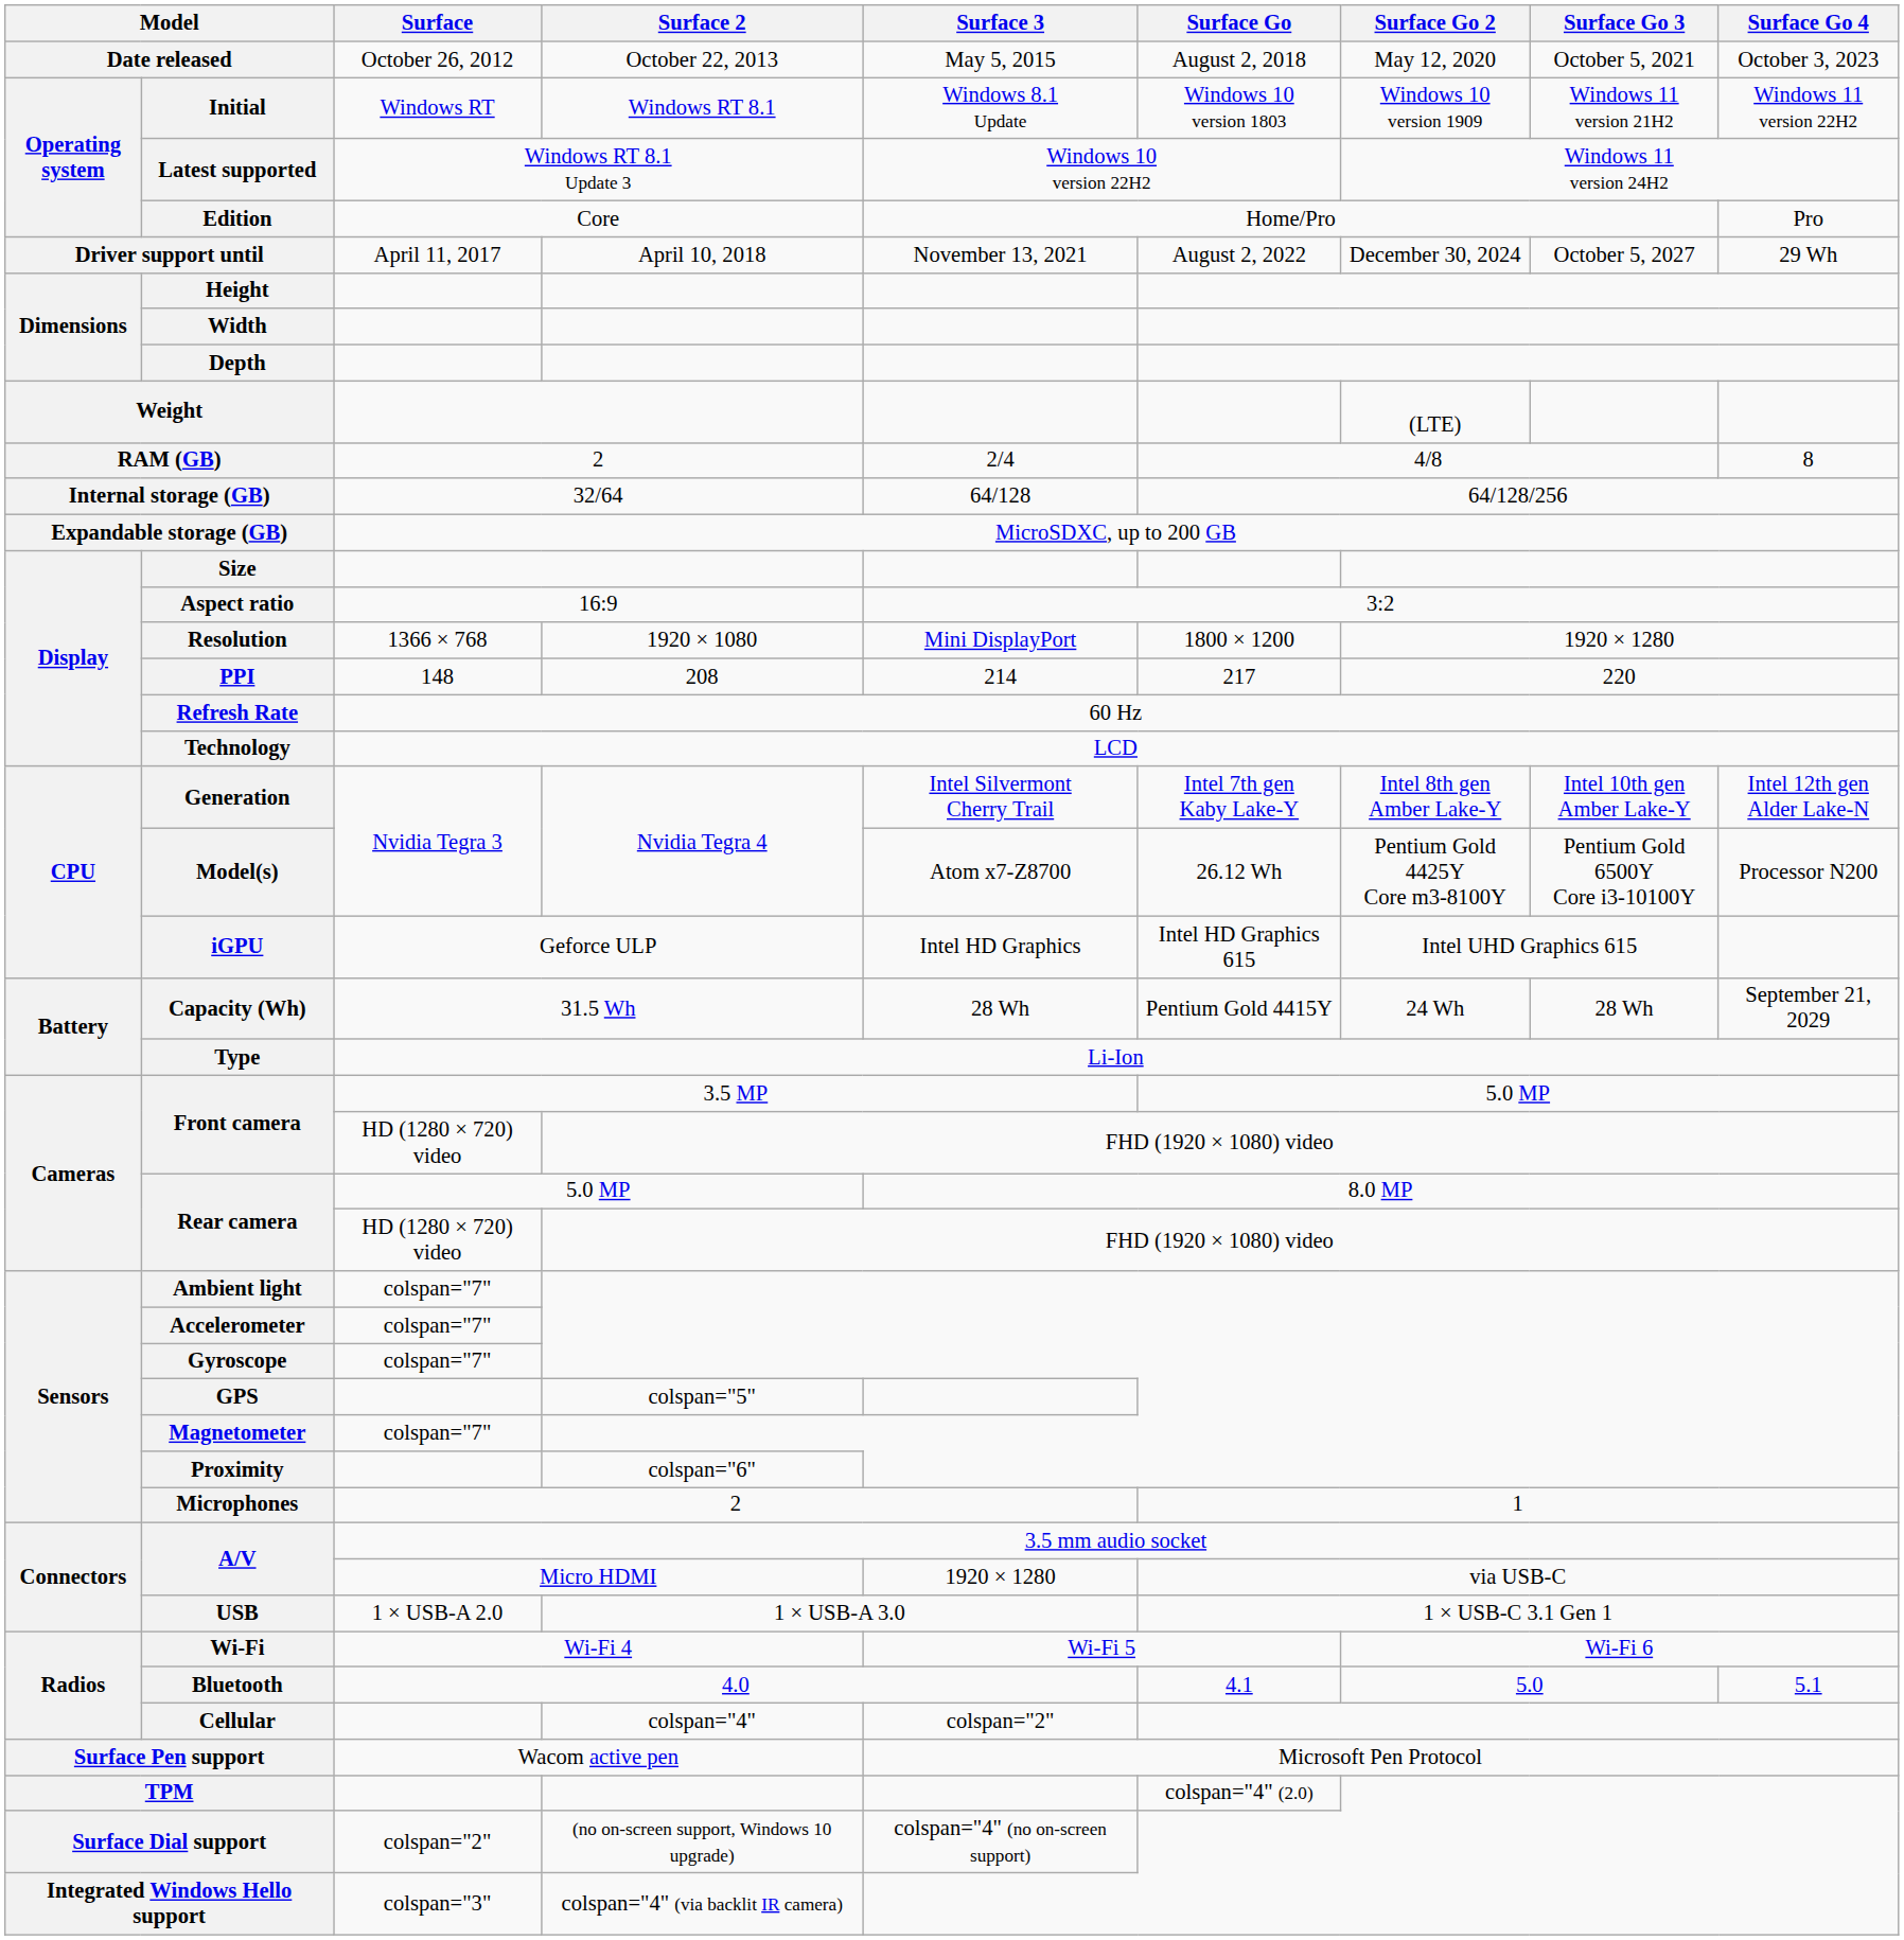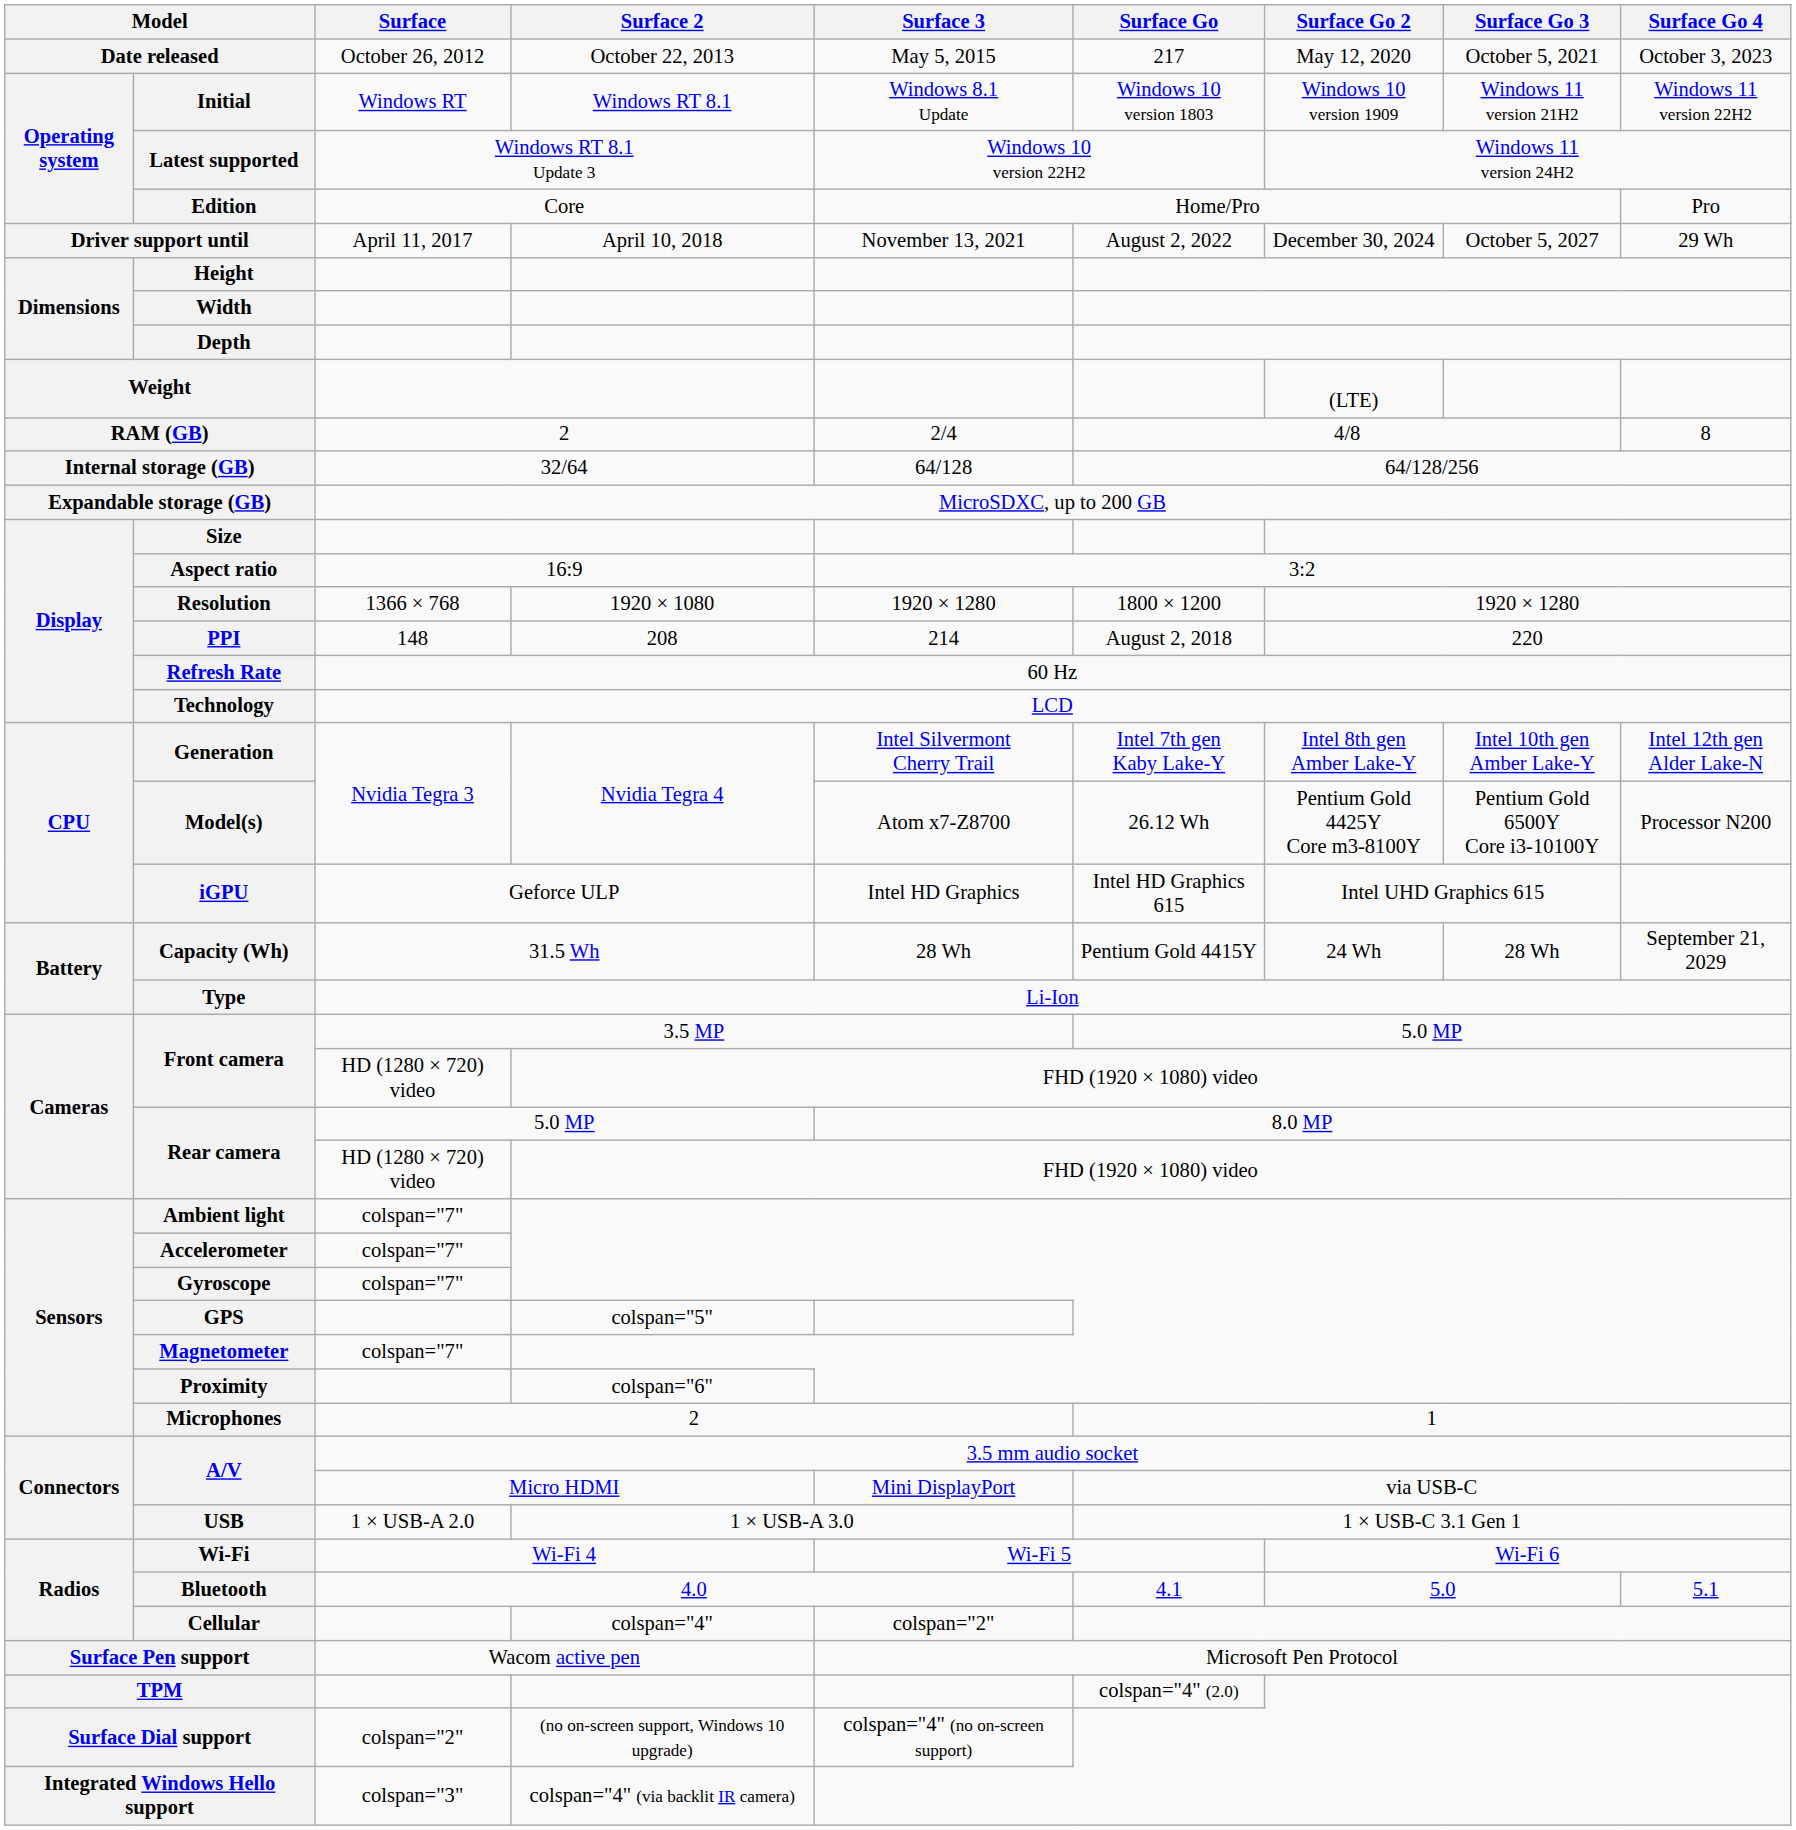 <table class="wikitable mw-collapsible" style="text-align:center; font-size:90%; min-width:20em;">
 <tr>
 <th colspan="2">Model</th>
 <th><a href='#'>Surface</a></th>
 <th><a href='#'>Surface 2</a></th>
 <th><a href='#'>Surface 3</a></th>
 <th><a href='#'>Surface Go</a></th>
 <th><a href='#'>Surface Go 2</a></th>
 <th><a href='#'>Surface Go 3</a></th>
 <th><a href='#'>Surface Go 4</a></th>
 </tr>
 <tr>
 <th colspan="2">Date released</th>
 <td>October 26, 2012</td>
 <td>October 22, 2013</td>
 <td>May 5, 2015</td>
-<td>August 2, 2018</td>
+<td>217</td>
 <td>May 12, 2020</td>
 <td>October 5, 2021</td>
 <td>October 3, 2023</td>
 </tr>
 <tr>
 <th rowspan="3"><a href='#'>Operating<br> system</a></th>
 <th>Initial</th>
 <td><a href='#'>Windows RT</a></td>
 <td><a href='#'>Windows RT 8.1</a></td>
 <td><a href='#'>Windows 8.1</a><br> <small>Update</small></td>
 <td><a href='#'>Windows 10</a><br> <small>version 1803</small></td>
 <td><a href='#'>Windows 10</a><br> <small>version 1909</small></td>
 <td><a href='#'>Windows 11</a><br> <small>version 21H2</small></td>
 <td><a href='#'>Windows 11</a><br> <small>version 22H2</small></td>
 </tr>
 <tr>
 <th>Latest supported</th>
 <td colspan="2"><a href='#'>Windows RT 8.1</a><br> <small>Update 3</small></td>
 <td colspan="2"><a href='#'>Windows 10</a><br> <small>version 22H2</small></td>
 <td colspan="3"><a href='#'>Windows 11</a><br> <small>version 24H2</small></td>
 </tr>
 <tr>
 <th>Edition</th>
 <td colspan="2">Core</td>
 <td colspan="4">Home/Pro</td>
 <td>Pro</td>
 </tr>
 <tr>
 <th colspan="2">Driver support until</th>
 <td>April 11, 2017</td>
 <td>April 10, 2018</td>
 <td>November 13, 2021</td>
 <td>August 2, 2022</td>
 <td>December 30, 2024</td>
 <td>October 5, 2027</td>
 <td>29 Wh</td>
 </tr>
 <tr>
 <th rowspan="3">Dimensions<br> </th>
 <th>Height</th>
 <td></td>
 <td></td>
 <td></td>
 <td colspan="4"></td>
 </tr>
 <tr>
 <th>Width</th>
 <td></td>
 <td></td>
 <td></td>
 <td colspan="4"></td>
 </tr>
 <tr>
 <th>Depth</th>
 <td></td>
 <td></td>
 <td></td>
 <td colspan="4"></td>
 </tr>
 <tr>
 <th colspan="2">Weight<br></th>
 <td colspan="2"></td>
 <td></td>
 <td></td>
 <td><br> (LTE)</td>
 <td></td>
 <td></td>
 </tr>
 <tr>
 <th colspan="2">RAM (<a href='#'>GB</a>)</th>
 <td colspan="2">2</td>
 <td>2/4</td>
 <td colspan="3">4/8</td>
 <td>8</td>
 </tr>
 <tr>
 <th colspan="2">Internal storage (<a href='#'>GB</a>)</th>
 <td colspan="2">32/64</td>
 <td>64/128</td>
 <td colspan="4">64/128/256</td>
 </tr>
 <tr>
 <th colspan="2">Expandable storage (<a href='#'>GB</a>)</th>
 <td colspan="7"><a href='#'>MicroSDXC</a>, up to 200 <a href='#'>GB</a></td>
 </tr>
 <tr>
 <th rowspan="6"><a href='#'>Display</a></th>
 <th>Size</th>
 <td colspan="2"></td>
 <td></td>
 <td></td>
 <td colspan="3"></td>
 </tr>
 <tr>
 <th>Aspect ratio</th>
 <td colspan="2">16:9</td>
 <td colspan="5">3:2</td>
 </tr>
 <tr>
 <th>Resolution</th>
 <td>1366 × 768</td>
 <td>1920 × 1080</td>
-<td><a href='#'>Mini DisplayPort</a></td>
+<td>1920 × 1280</td>
 <td>1800 × 1200</td>
 <td colspan="3">1920 × 1280</td>
 </tr>
 <tr>
 <th><a href='#'>PPI</a></th>
 <td>148</td>
 <td>208</td>
 <td>214</td>
-<td>217</td>
+<td>August 2, 2018</td>
 <td colspan="3">220</td>
 </tr>
 <tr>
 <th><a href='#'>Refresh Rate</a></th>
 <td colspan="7">60 Hz</td>
 </tr>
 <tr>
 <th>Technology</th>
 <td colspan="7"><a href='#'>LCD</a></td>
 </tr>
 <tr>
 <th rowspan="3"><a href='#'>CPU</a></th>
 <th>Generation</th>
 <td rowspan="2"><a href='#'>Nvidia Tegra 3</a></td>
 <td rowspan="2"><a href='#'>Nvidia Tegra 4</a></td>
 <td><a href='#'>Intel Silvermont<br>Cherry Trail</a></td>
 <td><a href='#'>Intel 7th gen<br>Kaby Lake-Y</a></td>
 <td><a href='#'>Intel 8th gen<br>Amber Lake-Y</a></td>
 <td><a href='#'>Intel 10th gen<br>Amber Lake-Y</a></td>
 <td><a href='#'>Intel 12th gen<br>Alder Lake-N</a></td>
 </tr>
 <tr>
 <th>Model(s)</th>
 <td>Atom x7-Z8700</td>
 <td>26.12 Wh</td>
 <td>Pentium Gold 4425Y<br>Core m3-8100Y</td>
 <td>Pentium Gold 6500Y<br>Core i3-10100Y</td>
 <td>Processor N200</td>
 </tr>
 <tr>
 <th><a href='#'>iGPU</a></th>
 <td colspan="2">Geforce ULP</td>
 <td>Intel HD Graphics</td>
 <td>Intel HD Graphics 615</td>
 <td colspan="2">Intel UHD Graphics 615</td>
 </tr>
 <tr>
 <th rowspan="2">Battery</th>
 <th>Capacity (Wh)</th>
 <td colspan="2">31.5 <a href='#'>Wh</a></td>
 <td>28 Wh</td>
 <td>Pentium Gold 4415Y</td>
 <td>24 Wh</td>
 <td>28 Wh</td>
 <td>September 21, 2029</td>
 </tr>
 <tr>
 <th>Type</th>
 <td colspan="7"><a href='#'>Li-Ion</a></td>
 </tr>
 <tr>
 <th rowspan="4">Cameras</th>
 <th rowspan="2">Front camera</th>
 <td colspan="3">3.5 <a href='#'>MP</a></td>
 <td colspan="4">5.0 <a href='#'>MP</a></td>
 </tr>
 <tr>
 <td>HD (1280 × 720) video</td>
 <td colspan="6">FHD (1920 × 1080) video</td>
 </tr>
 <tr>
 <th rowspan="2">Rear camera</th>
 <td colspan="2">5.0 <a href='#'>MP</a></td>
 <td colspan="5">8.0 <a href='#'>MP</a></td>
 </tr>
 <tr>
 <td>HD (1280 × 720) video</td>
 <td colspan="6">FHD (1920 × 1080) video</td>
 </tr>
 <tr>
 <th rowspan="7">Sensors</th>
 <th>Ambient light</th>
 <td>colspan="7" </td>
 </tr>
 <tr>
 <th>Accelerometer</th>
 <td>colspan="7" </td>
 </tr>
 <tr>
 <th>Gyroscope</th>
 <td>colspan="7" </td>
 </tr>
 <tr>
 <th>GPS</th>
 <td></td>
 <td>colspan="5" </td>
 <td></td>
 </tr>
 <tr>
 <th><a href='#'>Magnetometer</a></th>
 <td>colspan="7" </td>
 </tr>
 <tr>
 <th>Proximity</th>
 <td></td>
 <td>colspan="6" </td>
 </tr>
 <tr>
 <th>Microphones</th>
 <td colspan="3">2</td>
 <td colspan="4">1</td>
 </tr>
 <tr>
 <th rowspan="3">Connectors</th>
 <th rowspan="2"><a href='#'>A/V</a></th>
 <td colspan="7"><a href='#'>3.5 mm audio socket</a></td>
 </tr>
 <tr>
 <td colspan="2"><a href='#'>Micro HDMI</a></td>
-<td>1920 × 1280</td>
+<td><a href='#'>Mini DisplayPort</a></td>
 <td colspan="4">via USB-C</td>
 </tr>
 <tr>
 <th>USB</th>
 <td>1 × USB-A 2.0</td>
 <td colspan="2">1 × USB-A 3.0</td>
 <td colspan="4">1 × USB-C 3.1 Gen 1</td>
 </tr>
 <tr>
 <th rowspan="3">Radios</th>
 <th>Wi-Fi</th>
 <td colspan="2"><a href='#'>Wi-Fi 4</a></td>
 <td colspan="2"><a href='#'>Wi-Fi 5</a></td>
 <td colspan="3"><a href='#'>Wi-Fi 6</a></td>
 </tr>
 <tr>
 <th>Bluetooth</th>
 <td colspan="3"><a href='#'>4.0</a></td>
 <td><a href='#'>4.1</a></td>
 <td colspan="2"><a href='#'>5.0</a></td>
 <td><a href='#'>5.1</a></td>
 </tr>
 <tr>
 <th>Cellular</th>
 <td></td>
 <td>colspan="4" </td>
 <td>colspan="2" </td>
 </tr>
 <tr>
 <th colspan="2"><a href='#'>Surface Pen</a> support</th>
 <td colspan="2">Wacom <a href='#'>active pen</a></td>
 <td colspan="5">Microsoft Pen Protocol</td>
 </tr>
 <tr>
 <th colspan="2"><a href='#'>TPM</a></th>
 <td></td>
 <td></td>
 <td></td>
 <td>colspan="4"  <small>(2.0)</small></td>
 </tr>
 <tr>
 <th colspan="2"><a href='#'>Surface Dial</a> support</th>
 <td>colspan="2" </td>
 <td> <small>(no on-screen support, Windows 10 upgrade)</small></td>
 <td>colspan="4"  <small>(no on-screen support)</small></td>
 </tr>
 <tr>
 <th colspan="2">Integrated <a href='#'>Windows Hello</a> support</th>
 <td>colspan="3" </td>
 <td>colspan="4"  <small>(via backlit <a href='#'>IR</a> camera)</small></td>
 </tr>
 </table>
